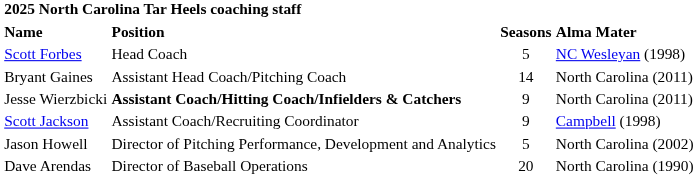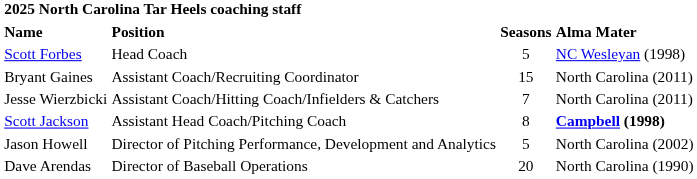 <table class="toccolours" style="text-align: left; font-size:90%;">
 <tr>
 <th colspan="9">2025 North Carolina Tar Heels coaching staff</th>
 </tr>
 <tr>
 <th>Name</th>
 <th>Position</th>
 <th>Seasons</th>
 <th>Alma Mater</th>
 </tr>
 <tr>
 <td><a href='#'>Scott Forbes</a></td>
 <td>Head Coach</td>
 <td align=center>5</td>
 <td><a href='#'>NC Wesleyan</a> (1998)</td>
 </tr>
 <tr>
 <td>Bryant Gaines</td>
-<td>Assistant Head Coach/Pitching Coach</td>
-<td align=center>14</td>
+<td>Assistant Coach/Recruiting Coordinator</td>
+<td align=center>15</td>
 <td>North Carolina (2011)</td>
 </tr>
 <tr>
 <td>Jesse Wierzbicki</td>
-<td><strong>Assistant Coach/Hitting Coach/Infielders & Catchers</strong></td>
-<td align=center>9</td>
+<td>Assistant Coach/Hitting Coach/Infielders & Catchers</td>
+<td align=center>7</td>
 <td>North Carolina (2011)</td>
 </tr>
 <tr>
 <td><a href='#'>Scott Jackson</a></td>
-<td>Assistant Coach/Recruiting Coordinator</td>
-<td align=center>9</td>
-<td><a href='#'>Campbell</a> (1998)</td>
+<td>Assistant Head Coach/Pitching Coach</td>
+<td align=center>8</td>
+<td><strong><a href='#'>Campbell</a> (1998)</strong></td>
 </tr>
 <tr>
 <td>Jason Howell</td>
 <td>Director of Pitching Performance, Development and Analytics</td>
 <td align=center>5</td>
 <td>North Carolina (2002)</td>
 </tr>
 <tr>
 <td>Dave Arendas</td>
 <td>Director of Baseball Operations</td>
 <td align=center>20</td>
 <td>North Carolina (1990)</td>
 </tr>
 </table>
